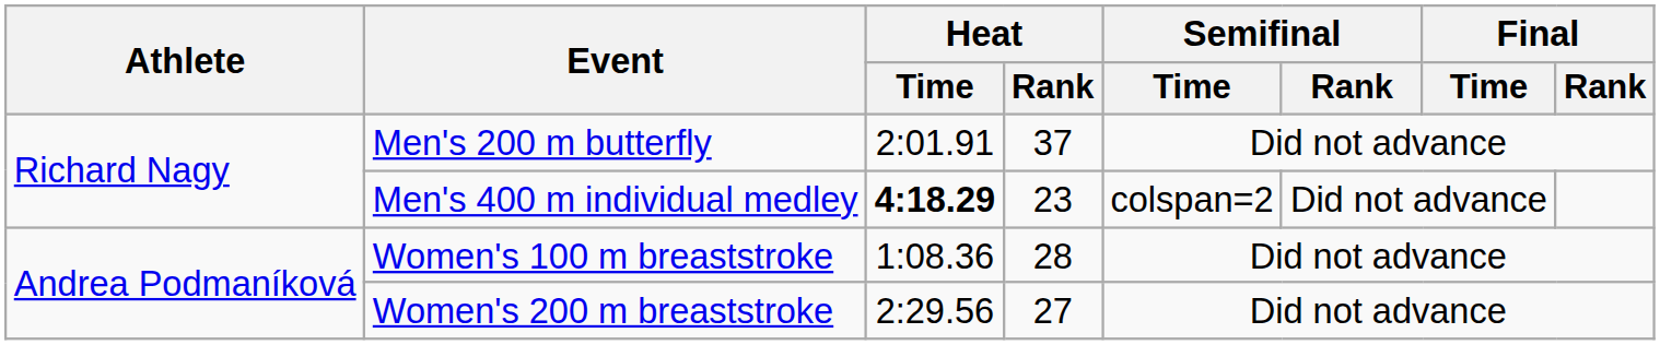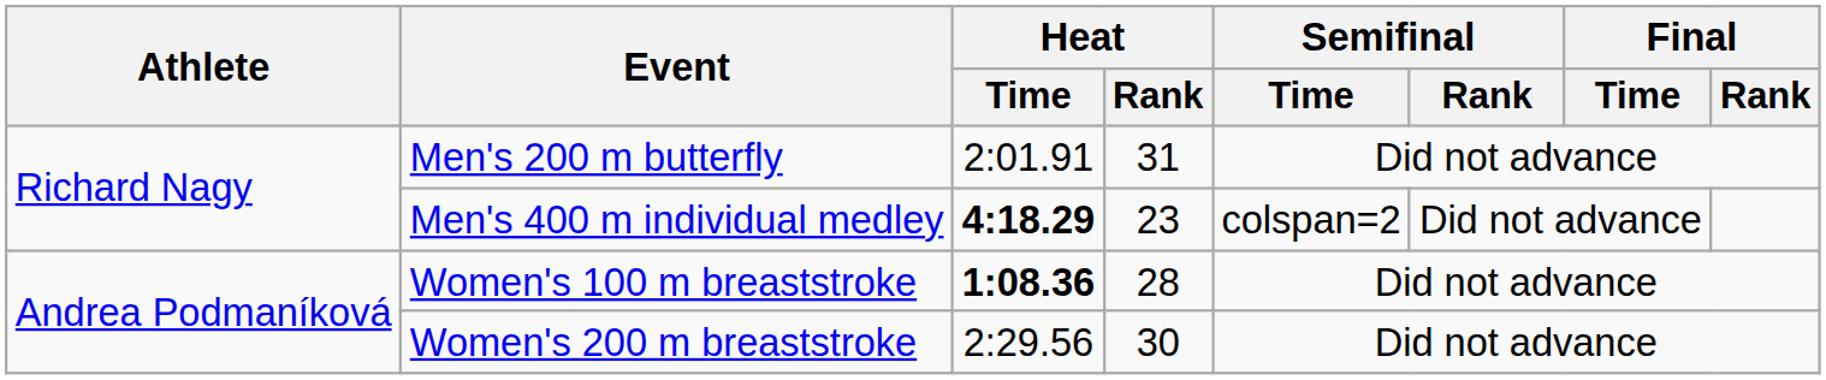 <table class=wikitable style="font-size:90%">
 <tr>
 <th rowspan="2">Athlete</th>
 <th rowspan="2">Event</th>
 <th colspan="2">Heat</th>
 <th colspan="2">Semifinal</th>
 <th colspan="2">Final</th>
 </tr>
 <tr style="font-size:95%">
 <th>Time</th>
 <th>Rank</th>
 <th>Time</th>
 <th>Rank</th>
 <th>Time</th>
 <th>Rank</th>
 </tr>
 <tr align=center>
 <td align=left rowspan=2><a href='#'>Richard Nagy</a></td>
 <td align=left><a href='#'>Men's 200 m butterfly</a></td>
 <td>2:01.91</td>
-<td>37</td>
+<td>31</td>
 <td colspan="4">Did not advance</td>
 </tr>
 <tr align=center>
 <td align=left><a href='#'>Men's 400 m individual medley</a></td>
 <td><strong>4:18.29</strong></td>
 <td>23</td>
 <td>colspan=2 </td>
 <td colspan="2">Did not advance</td>
 </tr>
 <tr align=center>
 <td align=left rowspan=2><a href='#'>Andrea Podmaníková</a></td>
 <td align=left><a href='#'>Women's 100 m breaststroke</a></td>
-<td>1:08.36</td>
+<td><strong>1:08.36</strong></td>
 <td>28</td>
 <td colspan="4">Did not advance</td>
 </tr>
 <tr align=center>
 <td align=left><a href='#'>Women's 200 m breaststroke</a></td>
 <td>2:29.56</td>
-<td>27</td>
+<td>30</td>
 <td colspan="4">Did not advance</td>
 </tr>
 </table>
